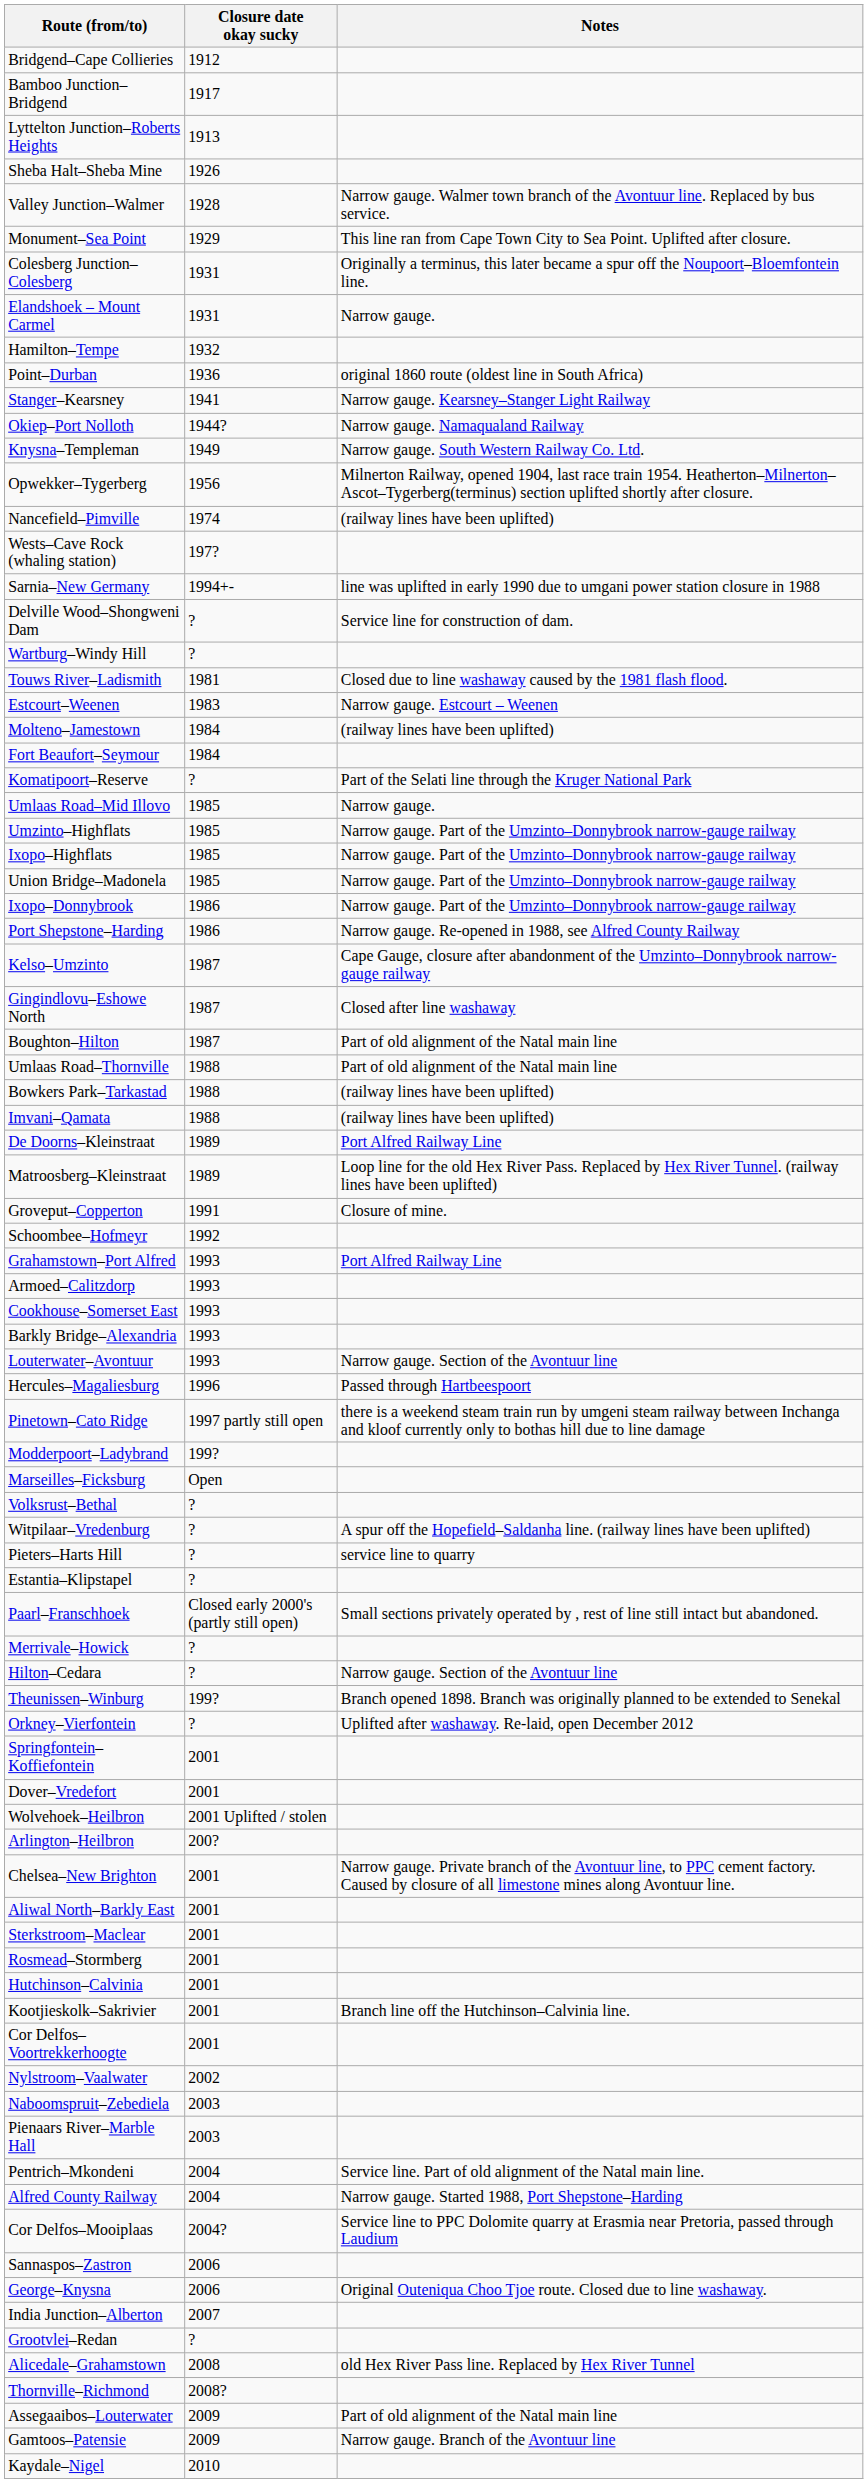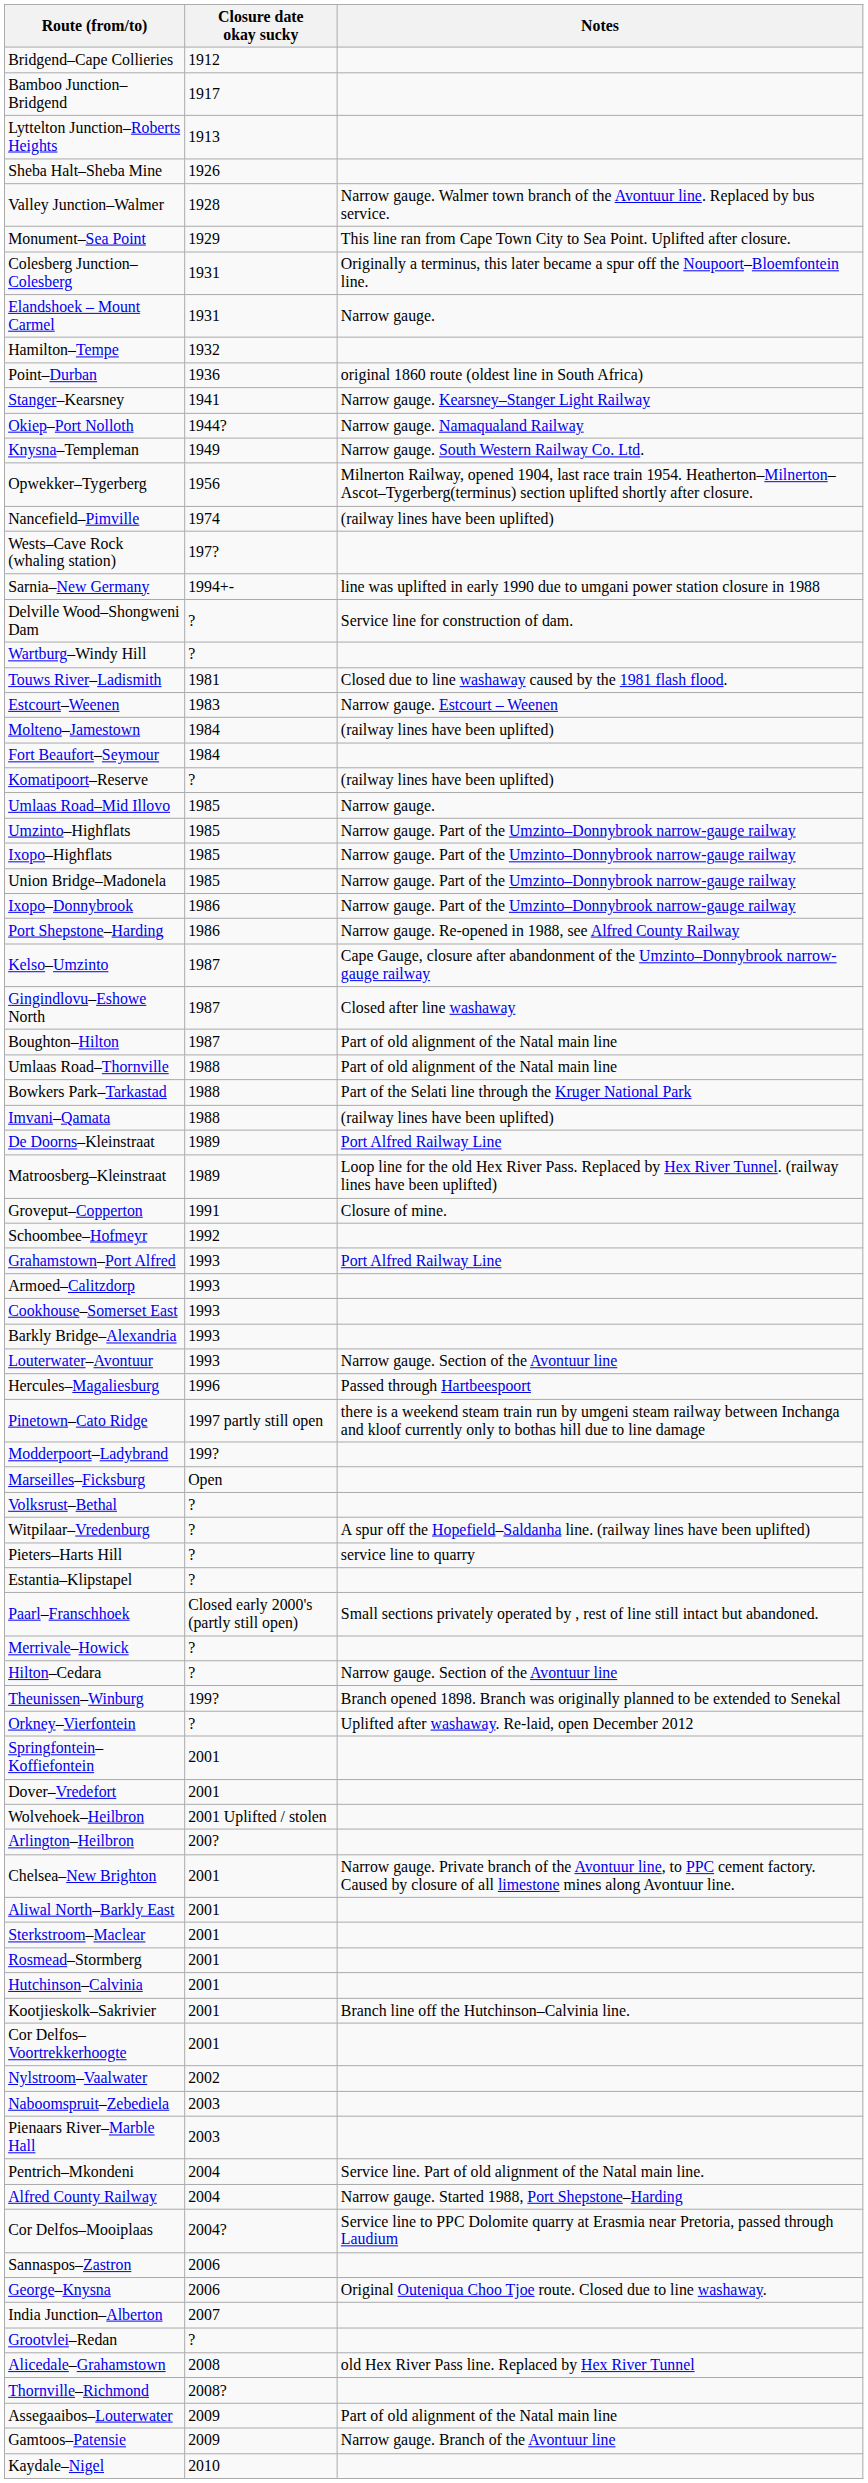 <table class="wikitable sortable">
 <tr>
 <th>Route (from/to)</th>
 <th>Closure date<br>okay sucky</th>
 <th>Notes</th>
 </tr>
 <tr>
 <td>Bridgend–Cape Collieries</td>
 <td>1912</td>
 <td></td>
 </tr>
 <tr>
 <td>Bamboo Junction–Bridgend</td>
 <td>1917</td>
 <td></td>
 </tr>
 <tr>
 <td>Lyttelton Junction–<a href='#'>Roberts Heights</a></td>
 <td>1913</td>
 <td></td>
 </tr>
 <tr>
 <td>Sheba Halt–Sheba Mine</td>
 <td>1926</td>
 </tr>
 <tr>
 <td>Valley Junction–Walmer</td>
 <td>1928</td>
 <td>Narrow gauge. Walmer town branch of the <a href='#'>Avontuur line</a>. Replaced by bus service.</td>
 </tr>
 <tr>
 <td>Monument–<a href='#'>Sea Point</a></td>
 <td>1929</td>
 <td>This line ran from Cape Town City to Sea Point. Uplifted after closure.</td>
 </tr>
 <tr>
 <td>Colesberg Junction–<a href='#'>Colesberg</a></td>
 <td>1931</td>
 <td>Originally a terminus, this later became a spur off the <a href='#'>Noupoort</a>–<a href='#'>Bloemfontein</a> line.</td>
 </tr>
 <tr>
 <td><a href='#'>Elandshoek – Mount Carmel</a></td>
 <td>1931</td>
 <td>Narrow gauge.</td>
 </tr>
 <tr>
 <td>Hamilton–<a href='#'>Tempe</a></td>
 <td>1932</td>
 <td></td>
 </tr>
 <tr>
 <td>Point–<a href='#'>Durban</a></td>
 <td>1936</td>
 <td>original 1860 route (oldest line in South Africa)</td>
 </tr>
 <tr>
 <td><a href='#'>Stanger</a>–Kearsney</td>
 <td>1941</td>
 <td>Narrow gauge. <a href='#'>Kearsney–Stanger Light Railway</a></td>
 </tr>
 <tr>
 <td><a href='#'>Okiep</a>–<a href='#'>Port Nolloth</a></td>
 <td>1944?</td>
 <td>Narrow gauge. <a href='#'>Namaqualand Railway</a></td>
 </tr>
 <tr>
 <td><a href='#'>Knysna</a>–Templeman</td>
 <td>1949</td>
 <td>Narrow gauge. <a href='#'>South Western Railway Co. Ltd</a>.</td>
 </tr>
 <tr>
 <td>Opwekker–Tygerberg</td>
 <td>1956</td>
 <td>Milnerton Railway, opened 1904, last race train 1954. Heatherton–<a href='#'>Milnerton</a>–Ascot–Tygerberg(terminus) section uplifted shortly after closure.</td>
 </tr>
 <tr>
 <td>Nancefield–<a href='#'>Pimville</a></td>
 <td>1974</td>
 <td>(railway lines have been uplifted)</td>
 </tr>
 <tr>
 <td>Wests–Cave Rock (whaling station)</td>
 <td>197?</td>
 <td></td>
 </tr>
 <tr>
 <td>Sarnia–<a href='#'>New Germany</a></td>
 <td>1994+-</td>
 <td>line was uplifted in early 1990 due to umgani power station  closure in 1988</td>
 </tr>
 <tr>
 <td>Delville Wood–Shongweni Dam</td>
 <td>?</td>
 <td>Service line for construction of dam.</td>
 </tr>
 <tr>
 <td><a href='#'>Wartburg</a>–Windy Hill</td>
 <td>?</td>
 <td></td>
 </tr>
 <tr>
 <td><a href='#'>Touws River</a>–<a href='#'>Ladismith</a></td>
 <td>1981</td>
 <td>Closed due to line <a href='#'>washaway</a> caused by the <a href='#'>1981 flash flood</a>.</td>
 </tr>
 <tr>
 <td><a href='#'>Estcourt</a>–<a href='#'>Weenen</a></td>
 <td>1983</td>
 <td>Narrow gauge. <a href='#'>Estcourt – Weenen</a></td>
 </tr>
 <tr>
 <td><a href='#'>Molteno</a>–<a href='#'>Jamestown</a></td>
 <td>1984</td>
 <td>(railway lines have been uplifted)</td>
 </tr>
 <tr>
 <td><a href='#'>Fort Beaufort</a>–<a href='#'>Seymour</a></td>
 <td>1984</td>
 <td></td>
 </tr>
 <tr>
 <td><a href='#'>Komatipoort</a>–Reserve</td>
 <td>?</td>
-<td>Part of the Selati line through the <a href='#'>Kruger National Park</a></td>
+<td>(railway lines have been uplifted)</td>
 </tr>
 <tr>
 <td><a href='#'>Umlaas Road–Mid Illovo</a></td>
 <td>1985</td>
 <td>Narrow gauge.</td>
 </tr>
 <tr>
 <td><a href='#'>Umzinto</a>–Highflats</td>
 <td>1985</td>
 <td>Narrow gauge. Part of the <a href='#'>Umzinto–Donnybrook narrow-gauge railway</a></td>
 </tr>
 <tr>
 <td><a href='#'>Ixopo</a>–Highflats</td>
 <td>1985</td>
 <td>Narrow gauge. Part of the <a href='#'>Umzinto–Donnybrook narrow-gauge railway</a></td>
 </tr>
 <tr>
 <td>Union Bridge–Madonela</td>
 <td>1985</td>
 <td>Narrow gauge. Part of the <a href='#'>Umzinto–Donnybrook narrow-gauge railway</a></td>
 </tr>
 <tr>
 <td><a href='#'>Ixopo</a>–<a href='#'>Donnybrook</a></td>
 <td>1986</td>
 <td>Narrow gauge. Part of the <a href='#'>Umzinto–Donnybrook narrow-gauge railway</a></td>
 </tr>
 <tr>
 <td><a href='#'>Port Shepstone</a>–<a href='#'>Harding</a></td>
 <td>1986</td>
 <td>Narrow gauge. Re-opened in 1988, see <a href='#'>Alfred County Railway</a></td>
 </tr>
 <tr>
 <td><a href='#'>Kelso</a>–<a href='#'>Umzinto</a></td>
 <td>1987</td>
 <td>Cape Gauge, closure after abandonment of the <a href='#'>Umzinto–Donnybrook narrow-gauge railway</a></td>
 </tr>
 <tr>
 <td><a href='#'>Gingindlovu</a>–<a href='#'>Eshowe</a> North</td>
 <td>1987</td>
 <td>Closed after line <a href='#'>washaway</a></td>
 </tr>
 <tr>
 <td>Boughton–<a href='#'>Hilton</a></td>
 <td>1987</td>
 <td>Part of old alignment of the Natal main line</td>
 </tr>
 <tr>
 <td>Umlaas Road–<a href='#'>Thornville</a></td>
 <td>1988</td>
 <td>Part of old alignment of the Natal main line</td>
 </tr>
 <tr>
 <td>Bowkers Park–<a href='#'>Tarkastad</a></td>
 <td>1988</td>
-<td>(railway lines have been uplifted)</td>
+<td>Part of the Selati line through the <a href='#'>Kruger National Park</a></td>
 </tr>
 <tr>
 <td><a href='#'>Imvani</a>–<a href='#'>Qamata</a></td>
 <td>1988</td>
 <td>(railway lines have been uplifted)</td>
 </tr>
 <tr>
 <td><a href='#'>De Doorns</a>–Kleinstraat</td>
 <td>1989</td>
 <td><a href='#'>Port Alfred Railway Line</a></td>
 </tr>
 <tr>
 <td>Matroosberg–Kleinstraat</td>
 <td>1989</td>
 <td>Loop line for the old Hex River Pass. Replaced by <a href='#'>Hex River Tunnel</a>. (railway lines have been uplifted)</td>
 </tr>
 <tr>
 <td>Groveput–<a href='#'>Copperton</a></td>
 <td>1991</td>
 <td>Closure of mine.</td>
 </tr>
 <tr>
 <td>Schoombee–<a href='#'>Hofmeyr</a></td>
 <td>1992</td>
 <td></td>
 </tr>
 <tr>
 <td><a href='#'>Grahamstown</a>–<a href='#'>Port Alfred</a></td>
 <td>1993</td>
 <td><a href='#'>Port Alfred Railway Line</a></td>
 </tr>
 <tr>
 <td>Armoed–<a href='#'>Calitzdorp</a></td>
 <td>1993</td>
 <td></td>
 </tr>
 <tr>
 <td><a href='#'>Cookhouse</a>–<a href='#'>Somerset East</a></td>
 <td>1993</td>
 <td></td>
 </tr>
 <tr>
 <td>Barkly Bridge–<a href='#'>Alexandria</a></td>
 <td>1993</td>
 <td></td>
 </tr>
 <tr>
 <td><a href='#'>Louterwater</a>–<a href='#'>Avontuur</a></td>
 <td>1993</td>
 <td>Narrow gauge. Section of the <a href='#'>Avontuur line</a></td>
 </tr>
 <tr>
 <td>Hercules–<a href='#'>Magaliesburg</a></td>
 <td>1996</td>
 <td>Passed through <a href='#'>Hartbeespoort</a></td>
 </tr>
 <tr>
 <td><a href='#'>Pinetown</a>–<a href='#'>Cato Ridge</a></td>
 <td>1997 partly still open</td>
 <td>there is a weekend steam train run by umgeni steam railway  between Inchanga and kloof currently only  to bothas hill due to line damage</td>
 </tr>
 <tr>
 <td><a href='#'>Modderpoort</a>–<a href='#'>Ladybrand</a></td>
 <td>199?</td>
 <td></td>
 </tr>
 <tr>
 <td><a href='#'>Marseilles</a>–<a href='#'>Ficksburg</a></td>
 <td>Open</td>
 <td></td>
 </tr>
 <tr>
 <td><a href='#'>Volksrust</a>–<a href='#'>Bethal</a></td>
 <td>?</td>
 <td></td>
 </tr>
 <tr>
 <td>Witpilaar–<a href='#'>Vredenburg</a></td>
 <td>?</td>
 <td>A spur off the <a href='#'>Hopefield</a>–<a href='#'>Saldanha</a> line. (railway lines have been uplifted)</td>
 </tr>
 <tr>
 <td>Pieters–Harts Hill</td>
 <td>?</td>
 <td>service line to quarry</td>
 </tr>
 <tr>
 <td>Estantia–Klipstapel</td>
 <td>?</td>
 <td></td>
 </tr>
 <tr>
 <td><a href='#'>Paarl</a>–<a href='#'>Franschhoek</a></td>
 <td>Closed early 2000's (partly still open)</td>
 <td>Small sections privately operated by , rest of line still intact but abandoned.</td>
 </tr>
 <tr>
 <td><a href='#'>Merrivale</a>–<a href='#'>Howick</a></td>
 <td>?</td>
 <td></td>
 </tr>
 <tr>
 <td><a href='#'>Hilton</a>–Cedara</td>
 <td>?</td>
 <td>Narrow gauge. Section of the <a href='#'>Avontuur line</a></td>
 </tr>
 <tr>
 <td><a href='#'>Theunissen</a>–<a href='#'>Winburg</a></td>
 <td>199?</td>
 <td>Branch opened 1898. Branch was originally planned to be extended to Senekal</td>
 </tr>
 <tr>
 <td><a href='#'>Orkney</a>–<a href='#'>Vierfontein</a></td>
 <td>?</td>
 <td>Uplifted after <a href='#'>washaway</a>. Re-laid, open December 2012</td>
 </tr>
 <tr>
 <td><a href='#'>Springfontein</a>–<a href='#'>Koffiefontein</a></td>
 <td>2001</td>
 <td></td>
 </tr>
 <tr>
 <td>Dover–<a href='#'>Vredefort</a></td>
 <td>2001</td>
 <td></td>
 </tr>
 <tr>
 <td>Wolvehoek–<a href='#'>Heilbron</a></td>
 <td>2001 Uplifted / stolen</td>
 <td></td>
 </tr>
 <tr>
 <td><a href='#'>Arlington</a>–<a href='#'>Heilbron</a></td>
 <td>200?</td>
 <td></td>
 </tr>
 <tr>
 <td>Chelsea–<a href='#'>New Brighton</a></td>
 <td>2001</td>
 <td>Narrow gauge. Private branch of the <a href='#'>Avontuur line</a>, to <a href='#'>PPC</a> cement factory. Caused by closure of all <a href='#'>limestone</a> mines along Avontuur line.</td>
 </tr>
 <tr>
 <td><a href='#'>Aliwal North</a>–<a href='#'>Barkly East</a></td>
 <td>2001</td>
 <td></td>
 </tr>
 <tr>
 <td><a href='#'>Sterkstroom</a>–<a href='#'>Maclear</a></td>
 <td>2001</td>
 <td></td>
 </tr>
 <tr>
 <td><a href='#'>Rosmead</a>–Stormberg</td>
 <td>2001</td>
 <td></td>
 </tr>
 <tr>
 <td><a href='#'>Hutchinson</a>–<a href='#'>Calvinia</a></td>
 <td>2001</td>
 <td></td>
 </tr>
 <tr>
 <td>Kootjieskolk–Sakrivier</td>
 <td>2001</td>
 <td>Branch line off the Hutchinson–Calvinia line.</td>
 </tr>
 <tr>
 <td>Cor Delfos–<a href='#'>Voortrekkerhoogte</a></td>
 <td>2001</td>
 <td></td>
 </tr>
 <tr>
 <td><a href='#'>Nylstroom</a>–<a href='#'>Vaalwater</a></td>
 <td>2002</td>
 <td></td>
 </tr>
 <tr>
 <td><a href='#'>Naboomspruit</a>–<a href='#'>Zebediela</a></td>
 <td>2003</td>
 <td></td>
 </tr>
 <tr>
 <td>Pienaars River–<a href='#'>Marble Hall</a></td>
 <td>2003</td>
 <td></td>
 </tr>
 <tr>
 <td>Pentrich–Mkondeni</td>
 <td>2004</td>
 <td>Service line. Part of old alignment of the Natal main line.</td>
 </tr>
 <tr>
 <td><a href='#'>Alfred County Railway</a></td>
 <td>2004</td>
 <td>Narrow gauge. Started 1988, <a href='#'>Port Shepstone</a>–<a href='#'>Harding</a></td>
 </tr>
 <tr>
 <td>Cor Delfos–Mooiplaas</td>
 <td>2004?</td>
 <td>Service line to PPC Dolomite quarry at Erasmia near Pretoria, passed through <a href='#'>Laudium</a></td>
 </tr>
 <tr>
 <td>Sannaspos–<a href='#'>Zastron</a></td>
 <td>2006</td>
 <td></td>
 </tr>
 <tr>
 <td><a href='#'>George</a>–<a href='#'>Knysna</a></td>
 <td>2006</td>
 <td>Original <a href='#'>Outeniqua Choo Tjoe</a> route. Closed due to line <a href='#'>washaway</a>.</td>
 </tr>
 <tr>
 <td>India Junction–<a href='#'>Alberton</a></td>
 <td>2007</td>
 <td></td>
 </tr>
 <tr>
 <td><a href='#'>Grootvlei</a>–Redan</td>
 <td>?</td>
 <td></td>
 </tr>
 <tr>
 <td><a href='#'>Alicedale</a>–<a href='#'>Grahamstown</a></td>
 <td>2008</td>
 <td>old Hex River Pass line. Replaced by <a href='#'>Hex River Tunnel</a></td>
 </tr>
 <tr>
 <td><a href='#'>Thornville</a>–<a href='#'>Richmond</a></td>
 <td>2008?</td>
 <td></td>
 </tr>
 <tr>
 <td>Assegaaibos–<a href='#'>Louterwater</a></td>
 <td>2009</td>
 <td>Part of old alignment of the Natal main line</td>
 </tr>
 <tr>
 <td>Gamtoos–<a href='#'>Patensie</a></td>
 <td>2009</td>
 <td>Narrow gauge. Branch of the <a href='#'>Avontuur line</a></td>
 </tr>
 <tr>
 <td>Kaydale–<a href='#'>Nigel</a></td>
 <td>2010</td>
 <td></td>
 </tr>
 </table>
